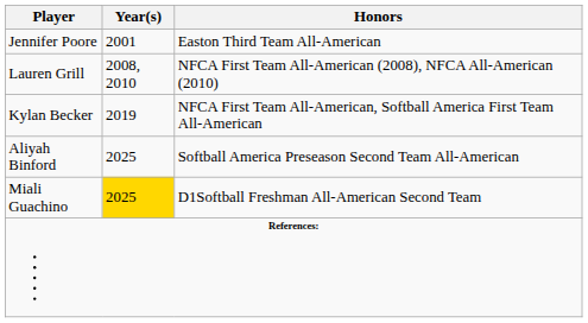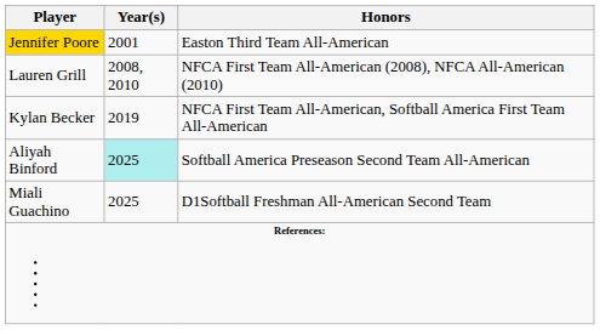 <table class="wikitable">
 <tr>
 <th>Player</th>
 <th>Year(s)</th>
 <th>Honors</th>
 </tr>
 <tr>
-<td>Jennifer Poore</td>
+<td style="background: gold;">Jennifer Poore</td>
 <td>2001</td>
 <td>Easton Third Team All-American</td>
 </tr>
 <tr>
 <td>Lauren Grill</td>
 <td>2008, 2010</td>
 <td>NFCA First Team All-American (2008), NFCA All-American (2010)</td>
 </tr>
 <tr>
 <td>Kylan Becker</td>
 <td>2019</td>
 <td>NFCA First Team All-American, Softball America First Team All-American</td>
 </tr>
 <tr>
 <td>Aliyah Binford</td>
-<td>2025</td>
+<td style="background: paleturquoise;">2025</td>
 <td>Softball America Preseason Second Team All-American</td>
 </tr>
 <tr>
 <td>Miali Guachino</td>
-<td style="background: gold;">2025</td>
+<td>2025</td>
 <td>D1Softball Freshman All-American Second Team</td>
 </tr>
 <tr>
 <td colspan="3" style="font-size: 8pt; text-align: center;"><strong>References:</strong><br><br><ul><li><br></li><li><br></li><li><br></li><li><br></li><li></li></ul></td>
 </tr>
 </table>
